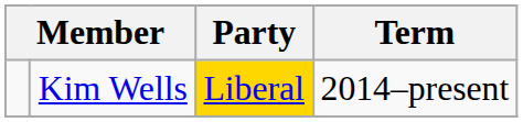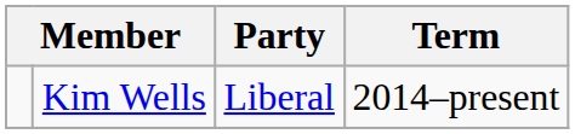 <table class="wikitable">
 <tr>
 <th colspan="2">Member</th>
 <th>Party</th>
 <th>Term</th>
 </tr>
 <tr>
 <td> </td>
 <td><a href='#'>Kim Wells</a></td>
-<td style="background: gold;"><a href='#'>Liberal</a></td>
+<td><a href='#'>Liberal</a></td>
 <td>2014–present</td>
 </tr>
 <tr>
 </tr>
 </table>
